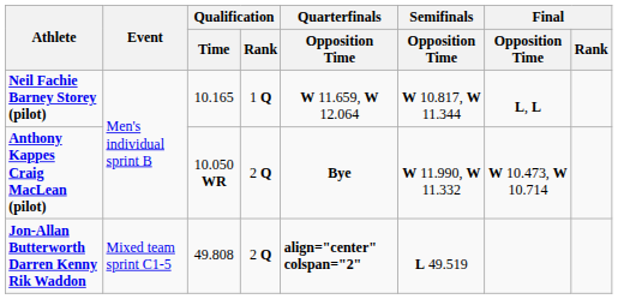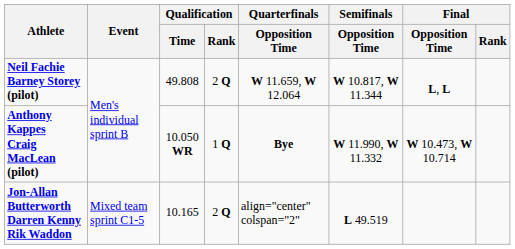 <table class=wikitable style="font-size:90%">
 <tr>
 <th rowspan="2">Athlete</th>
 <th rowspan="2">Event</th>
 <th colspan="2">Qualification</th>
 <th>Quarterfinals</th>
 <th>Semifinals</th>
 <th colspan="2">Final</th>
 </tr>
 <tr>
 <th>Time</th>
 <th>Rank</th>
 <th>Opposition<br>Time</th>
 <th>Opposition<br>Time</th>
 <th>Opposition<br>Time</th>
 <th>Rank</th>
 </tr>
 <tr>
 <td><strong><a href='#'>Neil Fachie</a><br><a href='#'>Barney Storey</a> (pilot)</strong></td>
 <td rowspan="2"><a href='#'>Men's individual sprint B</a></td>
-<td align="center">10.165</td>
-<td align="center">1 <strong>Q</strong></td>
+<td align="center">49.808</td>
+<td align="center">2 <strong>Q</strong></td>
 <td align="center"><br><strong>W</strong> 11.659, <strong>W</strong> 12.064</td>
 <td align="center"><br><strong>W</strong> 10.817, <strong>W</strong> 11.344</td>
 <td align="center"><br><strong>L</strong>, <strong>L</strong></td>
 <td align="center"></td>
 </tr>
 <tr>
 <td><strong><a href='#'>Anthony Kappes</a><br><a href='#'>Craig MacLean</a> (pilot)</strong></td>
 <td align="center">10.050 <strong>WR</strong></td>
-<td align="center">2 <strong>Q</strong></td>
+<td align="center">1 <strong>Q</strong></td>
 <td align="center"><strong>Bye</strong></td>
 <td align="center"><br><strong>W</strong> 11.990, <strong>W</strong> 11.332</td>
 <td align="center"><br><strong>W</strong> 10.473, <strong>W</strong> 10.714</td>
 <td align="center"></td>
 </tr>
 <tr>
 <td><strong><a href='#'>Jon-Allan Butterworth</a><br><a href='#'>Darren Kenny</a><br><a href='#'>Rik Waddon</a></strong></td>
 <td><a href='#'>Mixed team sprint C1-5</a></td>
-<td align="center">49.808</td>
+<td align="center">10.165</td>
 <td align="center">2 <strong>Q</strong></td>
-<td><strong>align="center" colspan="2" </strong></td>
+<td>align="center" colspan="2" </td>
 <td align="center"><br><strong>L</strong> 49.519</td>
 <td align="center"></td>
 </tr>
 </table>
